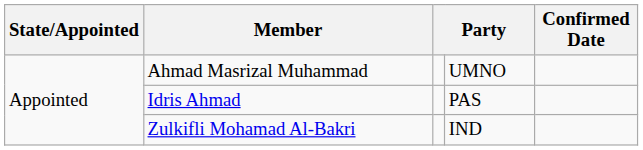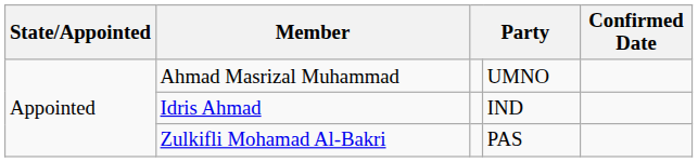 <table class ="wikitable sortable">
 <tr>
 <th style="width:100px;">State/Appointed</th>
 <th style="width:240px;">Member</th>
 <th style="width:80px;" colspan=2>Party</th>
 <th style="width:80px;">Confirmed Date</th>
 </tr>
 <tr>
 <td rowspan=3>Appointed</td>
 <td>Ahmad Masrizal Muhammad</td>
 <td></td>
 <td>UMNO</td>
 <td></td>
 </tr>
 <tr>
 <td><a href='#'>Idris Ahmad</a></td>
 <td></td>
-<td>PAS</td>
+<td>IND</td>
 <td></td>
 </tr>
 <tr>
 <td><a href='#'>Zulkifli Mohamad Al-Bakri</a></td>
 <td></td>
-<td>IND</td>
+<td>PAS</td>
 <td></td>
 </tr>
 </table>
